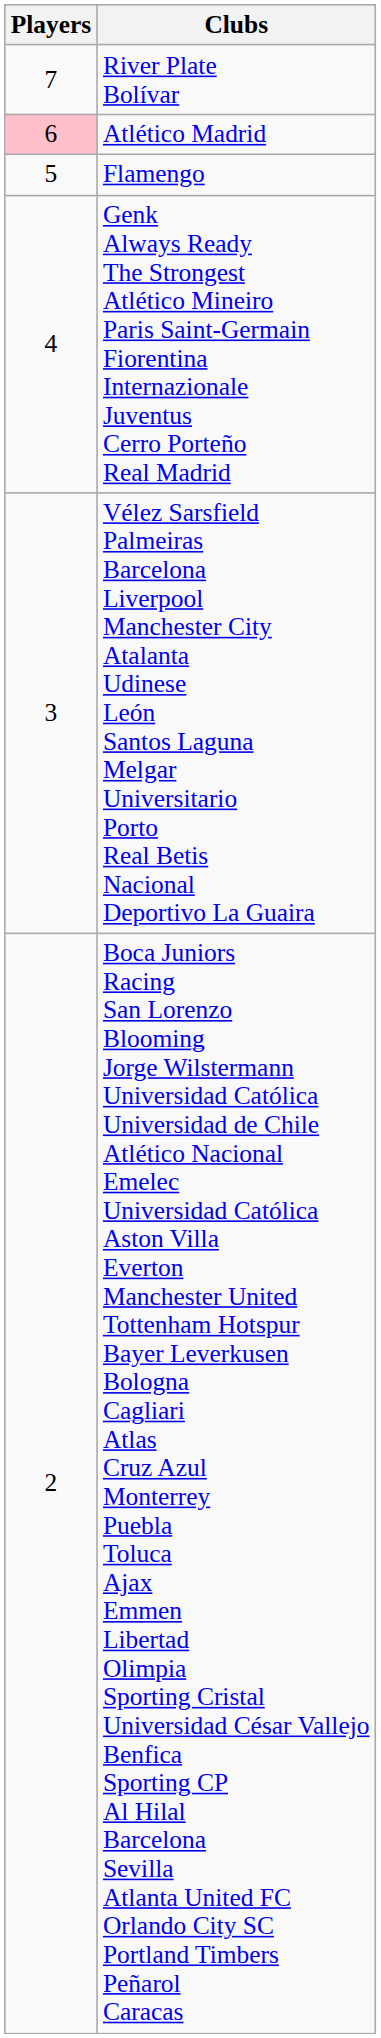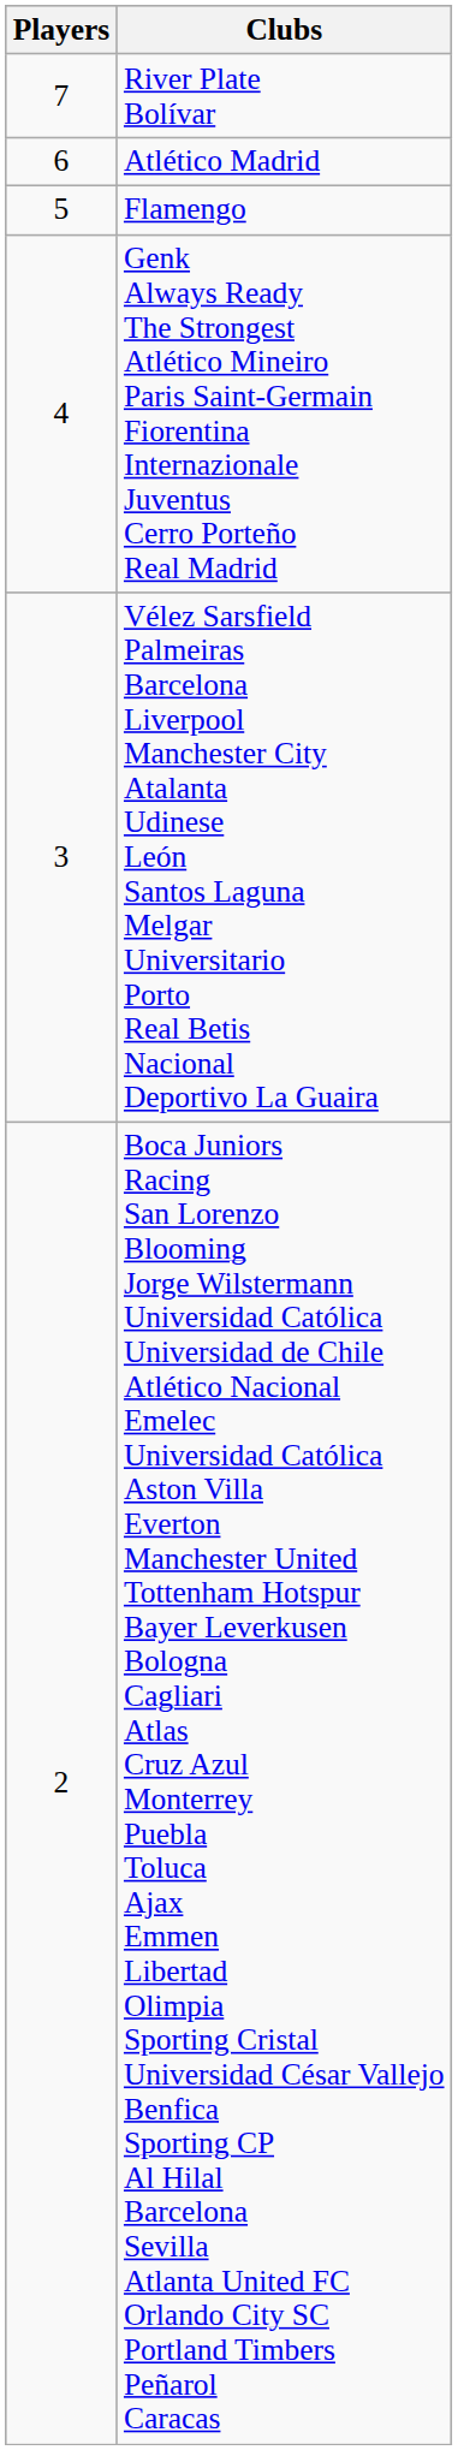 <table class="wikitable">
 <tr>
 <th>Players</th>
 <th>Clubs</th>
 </tr>
 <tr>
 <td align=center>7</td>
 <td> <a href='#'>River Plate</a><br> <a href='#'>Bolívar</a></td>
 </tr>
 <tr>
-<td align=center style="background: pink;">6</td>
+<td align=center>6</td>
 <td> <a href='#'>Atlético Madrid</a></td>
 </tr>
 <tr>
 <td align=center>5</td>
 <td> <a href='#'>Flamengo</a></td>
 </tr>
 <tr>
 <td align=center>4</td>
 <td> <a href='#'>Genk</a><br> <a href='#'>Always Ready</a><br> <a href='#'>The Strongest</a><br> <a href='#'>Atlético Mineiro</a><br> <a href='#'>Paris Saint-Germain</a><br> <a href='#'>Fiorentina</a><br> <a href='#'>Internazionale</a><br> <a href='#'>Juventus</a><br> <a href='#'>Cerro Porteño</a><br> <a href='#'>Real Madrid</a></td>
 </tr>
 <tr>
 <td align=center>3</td>
 <td> <a href='#'>Vélez Sarsfield</a><br> <a href='#'>Palmeiras</a><br> <a href='#'>Barcelona</a><br> <a href='#'>Liverpool</a><br> <a href='#'>Manchester City</a><br> <a href='#'>Atalanta</a><br> <a href='#'>Udinese</a><br> <a href='#'>León</a><br> <a href='#'>Santos Laguna</a><br> <a href='#'>Melgar</a><br> <a href='#'>Universitario</a><br> <a href='#'>Porto</a><br> <a href='#'>Real Betis</a><br> <a href='#'>Nacional</a><br> <a href='#'>Deportivo La Guaira</a></td>
 </tr>
 <tr>
 <td align=center>2</td>
 <td> <a href='#'>Boca Juniors</a><br> <a href='#'>Racing</a><br> <a href='#'>San Lorenzo</a><br> <a href='#'>Blooming</a><br> <a href='#'>Jorge Wilstermann</a><br> <a href='#'>Universidad Católica</a><br> <a href='#'>Universidad de Chile</a><br> <a href='#'>Atlético Nacional</a><br> <a href='#'>Emelec</a><br> <a href='#'>Universidad Católica</a><br> <a href='#'>Aston Villa</a><br> <a href='#'>Everton</a><br> <a href='#'>Manchester United</a><br> <a href='#'>Tottenham Hotspur</a><br> <a href='#'>Bayer Leverkusen</a><br> <a href='#'>Bologna</a><br> <a href='#'>Cagliari</a><br> <a href='#'>Atlas</a><br> <a href='#'>Cruz Azul</a><br> <a href='#'>Monterrey</a><br> <a href='#'>Puebla</a><br> <a href='#'>Toluca</a><br> <a href='#'>Ajax</a><br> <a href='#'>Emmen</a><br> <a href='#'>Libertad</a><br> <a href='#'>Olimpia</a><br> <a href='#'>Sporting Cristal</a><br> <a href='#'>Universidad César Vallejo</a><br> <a href='#'>Benfica</a><br> <a href='#'>Sporting CP</a><br> <a href='#'>Al Hilal</a><br> <a href='#'>Barcelona</a><br> <a href='#'>Sevilla</a><br> <a href='#'>Atlanta United FC</a><br> <a href='#'>Orlando City SC</a><br> <a href='#'>Portland Timbers</a><br> <a href='#'>Peñarol</a><br> <a href='#'>Caracas</a></td>
 </tr>
 </table>
